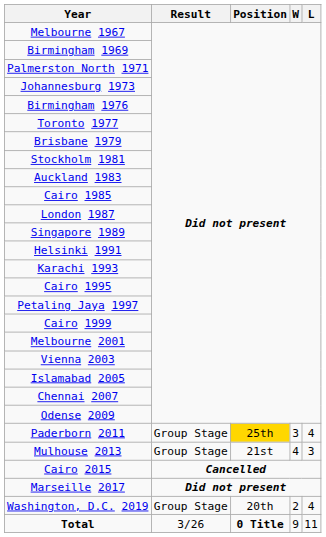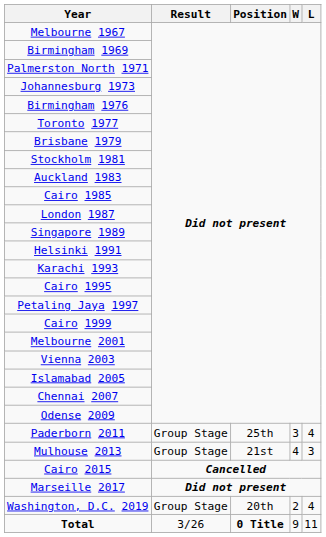 <table class="wikitable" style="text-align: center;">
 <tr>
 <th>Year</th>
 <th>Result</th>
 <th>Position</th>
 <th>W</th>
 <th>L</th>
 </tr>
 <tr>
 <td> <a href='#'>Melbourne</a> <a href='#'>1967</a></td>
 <td rowspan="22" colspan="4" align="center"><strong><em>Did not present</em></strong></td>
 </tr>
 <tr>
 <td> <a href='#'>Birmingham</a> <a href='#'>1969</a></td>
 </tr>
 <tr>
 <td> <a href='#'>Palmerston North</a> <a href='#'>1971</a></td>
 </tr>
 <tr>
 <td> <a href='#'>Johannesburg</a> <a href='#'>1973</a></td>
 </tr>
 <tr>
 <td> <a href='#'>Birmingham</a> <a href='#'>1976</a></td>
 </tr>
 <tr>
 <td> <a href='#'>Toronto</a> <a href='#'>1977</a></td>
 </tr>
 <tr>
 <td> <a href='#'>Brisbane</a> <a href='#'>1979</a></td>
 </tr>
 <tr>
 <td> <a href='#'>Stockholm</a> <a href='#'>1981</a></td>
 </tr>
 <tr>
 <td> <a href='#'>Auckland</a> <a href='#'>1983</a></td>
 </tr>
 <tr>
 <td> <a href='#'>Cairo</a> <a href='#'>1985</a></td>
 </tr>
 <tr>
 <td> <a href='#'>London</a> <a href='#'>1987</a></td>
 </tr>
 <tr>
 <td> <a href='#'>Singapore</a> <a href='#'>1989</a></td>
 </tr>
 <tr>
 <td> <a href='#'>Helsinki</a> <a href='#'>1991</a></td>
 </tr>
 <tr>
 <td> <a href='#'>Karachi</a> <a href='#'>1993</a></td>
 </tr>
 <tr>
 <td> <a href='#'>Cairo</a> <a href='#'>1995</a></td>
 </tr>
 <tr>
 <td> <a href='#'>Petaling Jaya</a> <a href='#'>1997</a></td>
 </tr>
 <tr>
 <td> <a href='#'>Cairo</a> <a href='#'>1999</a></td>
 </tr>
 <tr>
 <td> <a href='#'>Melbourne</a> <a href='#'>2001</a></td>
 </tr>
 <tr>
 <td> <a href='#'>Vienna</a> <a href='#'>2003</a></td>
 </tr>
 <tr>
 <td> <a href='#'>Islamabad</a> <a href='#'>2005</a></td>
 </tr>
 <tr>
 <td> <a href='#'>Chennai</a> <a href='#'>2007</a></td>
 </tr>
 <tr>
 <td> <a href='#'>Odense</a> <a href='#'>2009</a></td>
 </tr>
 <tr>
 <td> <a href='#'>Paderborn</a> <a href='#'>2011</a></td>
 <td>Group Stage</td>
-<td style="background: gold;">25th</td>
+<td>25th</td>
 <td>3</td>
 <td>4</td>
 </tr>
 <tr>
 <td> <a href='#'>Mulhouse</a> <a href='#'>2013</a></td>
 <td>Group Stage</td>
 <td>21st</td>
 <td>4</td>
 <td>3</td>
 </tr>
 <tr>
 <td> <a href='#'>Cairo</a> <a href='#'>2015</a></td>
 <td rowspan="1" colspan="4" align="center"><strong><em>Cancelled</em></strong></td>
 </tr>
 <tr>
 <td> <a href='#'>Marseille</a> <a href='#'>2017</a></td>
 <td rowspan="1" colspan="4" align="center"><strong><em>Did not present</em></strong></td>
 </tr>
 <tr>
 <td> <a href='#'>Washington, D.C.</a> <a href='#'>2019</a></td>
 <td>Group Stage</td>
 <td>20th</td>
 <td>2</td>
 <td>4</td>
 </tr>
 <tr>
 <td><strong>Total</strong></td>
 <td>3/26</td>
 <td><strong>0 Title</strong></td>
 <td>9</td>
 <td>11</td>
 </tr>
 </table>
